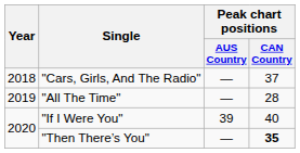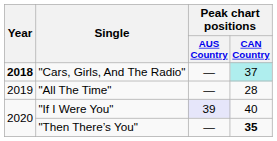 <table class="wikitable" style="text-align:center;">
 <tr>
 <th rowspan="2">Year</th>
 <th rowspan="2">Single</th>
 <th colspan="2">Peak chart<br>positions</th>
 </tr>
 <tr style="font-size:smaller;">
 <th width="45"><a href='#'>AUS Country</a><br></th>
 <th width="45"><a href='#'>CAN Country</a><br></th>
 </tr>
 <tr>
-<td>2018</td>
+<td><strong>2018</strong></td>
 <td align="left">"Cars, Girls, And The Radio"</td>
 <td>—</td>
-<td>37</td>
+<td style="background: paleturquoise;">37</td>
 </tr>
 <tr>
 <td>2019</td>
 <td align="left">"All The Time"</td>
 <td>—</td>
 <td>28</td>
 </tr>
 <tr>
 <td rowspan="2">2020</td>
 <td align="left">"If I Were You"</td>
-<td>39</td>
+<td style="background: lavender;">39</td>
 <td>40</td>
 </tr>
 <tr>
 <td align="left">"Then There’s You"</td>
 <td>—</td>
 <td><strong>35</strong></td>
 </tr>
 </table>
